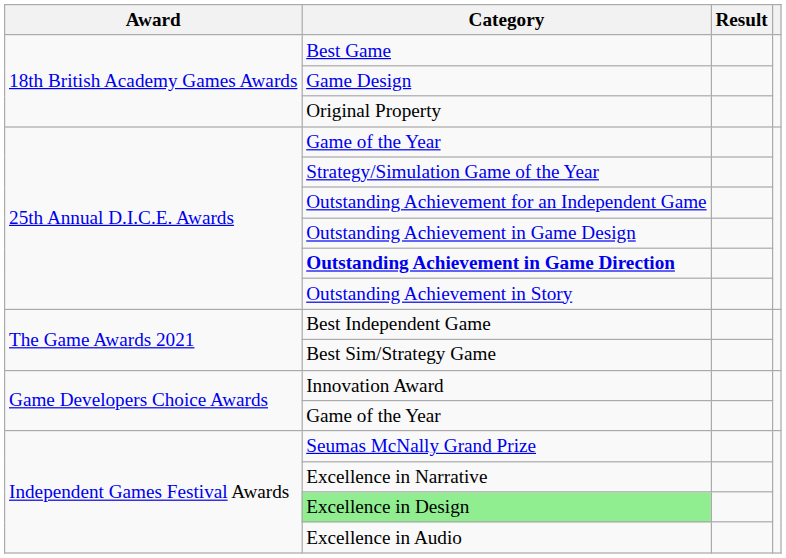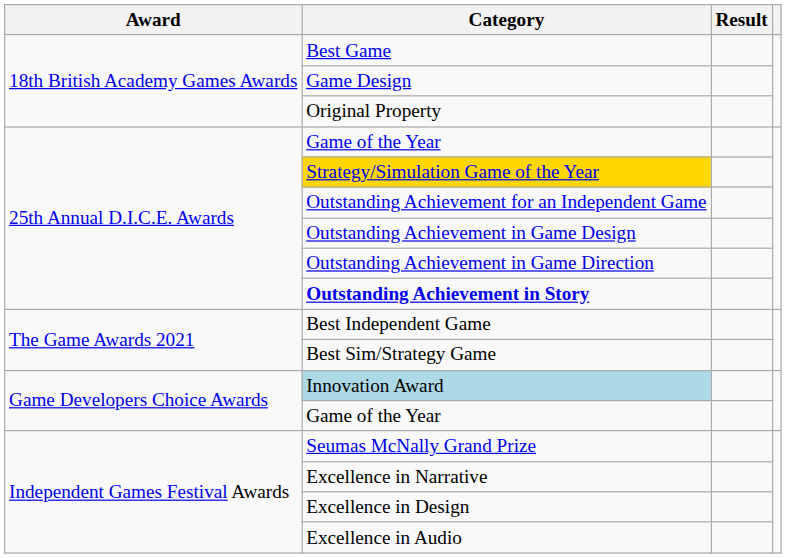 <table class="wikitable sortable">
 <tr>
 <th>Award</th>
 <th>Category</th>
 <th>Result</th>
 <th></th>
 </tr>
 <tr>
 <td rowspan="3"><a href='#'>18th British Academy Games Awards</a></td>
 <td><a href='#'>Best Game</a></td>
 <td></td>
 <td rowspan="3" style="text-align:center;"></td>
 </tr>
 <tr>
 <td><a href='#'>Game Design</a></td>
 <td></td>
 </tr>
 <tr>
 <td>Original Property</td>
 <td></td>
 </tr>
 <tr>
 <td rowspan="6"><a href='#'>25th Annual D.I.C.E. Awards</a></td>
 <td><a href='#'>Game of the Year</a></td>
 <td></td>
 <td rowspan="6" style="text-align:center;"></td>
 </tr>
 <tr>
-<td><a href='#'>Strategy/Simulation Game of the Year</a></td>
+<td style="background: gold;"><a href='#'>Strategy/Simulation Game of the Year</a></td>
 <td></td>
 </tr>
 <tr>
 <td><a href='#'>Outstanding Achievement for an Independent Game</a></td>
 <td></td>
 </tr>
 <tr>
 <td><a href='#'>Outstanding Achievement in Game Design</a></td>
 <td></td>
 </tr>
 <tr>
-<td><strong><a href='#'>Outstanding Achievement in Game Direction</a></strong></td>
+<td><a href='#'>Outstanding Achievement in Game Direction</a></td>
 <td></td>
 </tr>
 <tr>
-<td><a href='#'>Outstanding Achievement in Story</a></td>
+<td><strong><a href='#'>Outstanding Achievement in Story</a></strong></td>
 <td></td>
 </tr>
 <tr>
 <td rowspan="2"><a href='#'>The Game Awards 2021</a></td>
 <td>Best Independent Game</td>
 <td></td>
 <td rowspan="2" style="text-align:center;"></td>
 </tr>
 <tr>
 <td>Best Sim/Strategy Game</td>
 <td></td>
 </tr>
 <tr>
 <td rowspan="2"><a href='#'>Game Developers Choice Awards</a></td>
-<td>Innovation Award</td>
+<td style="background: lightblue;">Innovation Award</td>
 <td></td>
 <td rowspan="2" style="text-align:center;"></td>
 </tr>
 <tr>
 <td>Game of the Year</td>
 <td></td>
 </tr>
 <tr>
 <td rowspan="4"><a href='#'>Independent Games Festival</a> Awards</td>
 <td><a href='#'>Seumas McNally Grand Prize</a></td>
 <td></td>
 <td rowspan="4" style="text-align:center;"></td>
 </tr>
 <tr>
 <td>Excellence in Narrative</td>
 <td></td>
 </tr>
 <tr>
-<td style="background: lightgreen;">Excellence in Design</td>
+<td>Excellence in Design</td>
 <td></td>
 </tr>
 <tr>
 <td>Excellence in Audio</td>
 <td></td>
 </tr>
 </table>
